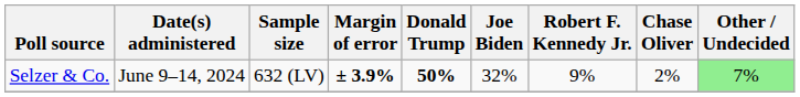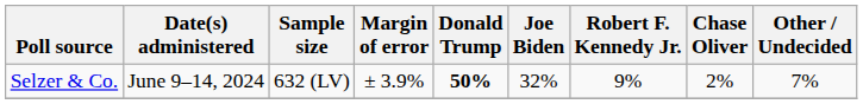 <table class="wikitable sortable mw-datatable" style="font-size:90%;text-align:center;line-height:17px">
 <tr valign=bottom>
 <th>Poll source</th>
 <th>Date(s)<br>administered</th>
 <th>Sample<br>size</th>
 <th>Margin<br>of error</th>
 <th class="unsortable">Donald<br>Trump<br></th>
 <th class="unsortable">Joe<br>Biden<br></th>
 <th class="unsortable">Robert F.<br>Kennedy Jr.<br></th>
 <th class="unsortable">Chase<br>Oliver<br></th>
 <th class="unsortable">Other /<br>Undecided</th>
 </tr>
 <tr>
 <td style="text-align:left;"><a href='#'>Selzer & Co.</a></td>
 <td data-sort-value=2024-06-17>June 9–14, 2024</td>
 <td>632 (LV)</td>
-<td><strong>± 3.9%</strong></td>
+<td>± 3.9%</td>
 <td style="background-color:"><strong>50%</strong></td>
 <td>32%</td>
 <td>9%</td>
 <td>2%</td>
-<td style="background: lightgreen;">7%</td>
+<td>7%</td>
 </tr>
 <tr>
 </tr>
 </table>
